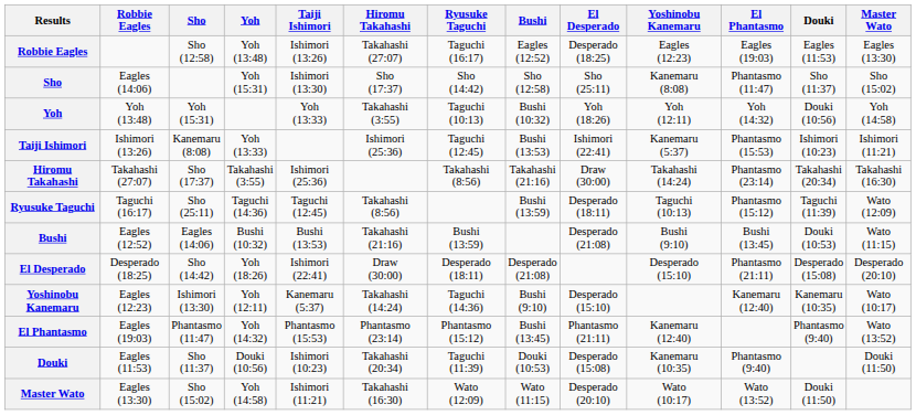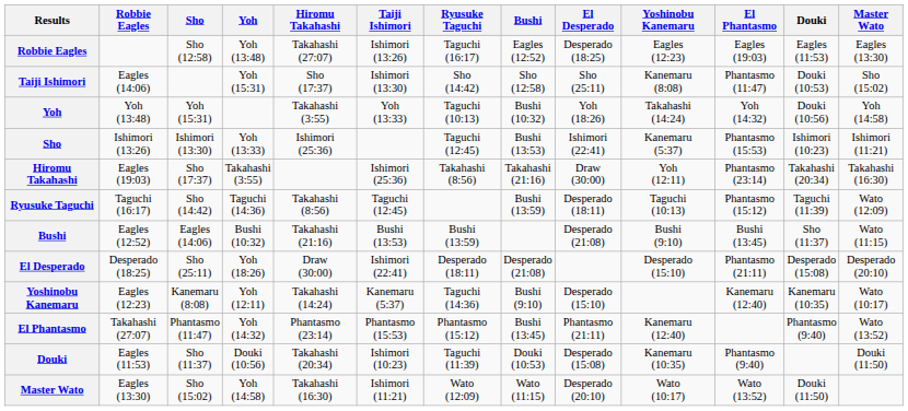 <table class="wikitable" style="text-align:center; margin: 1em auto 1em auto">
 <tr align="center">
 <th>Results</th>
 <th><a href='#'>Robbie Eagles</a></th>
 <th><a href='#'>Sho</a></th>
 <th><a href='#'>Yoh</a></th>
+<th><a href='#'>Hiromu Takahashi</a></th>
 <th><a href='#'>Taiji Ishimori</a></th>
-<th><a href='#'>Hiromu Takahashi</a></th>
 <th><a href='#'>Ryusuke Taguchi</a></th>
 <th><a href='#'>Bushi</a></th>
 <th><a href='#'>El Desperado</a></th>
 <th><a href='#'>Yoshinobu Kanemaru</a></th>
 <th><a href='#'>El Phantasmo</a></th>
 <th>Douki</th>
 <th><a href='#'>Master Wato</a></th>
 </tr>
 <tr>
 <th><a href='#'>Robbie Eagles</a></th>
 <td></td>
 <td>Sho<br>(12:58)</td>
 <td>Yoh<br>(13:48)</td>
+<td>Takahashi<br>(27:07)</td>
 <td>Ishimori<br>(13:26)</td>
-<td>Takahashi<br>(27:07)</td>
 <td>Taguchi<br>(16:17)</td>
 <td>Eagles<br>(12:52)</td>
 <td>Desperado<br>(18:25)</td>
 <td>Eagles<br>(12:23)</td>
 <td>Eagles<br>(19:03)</td>
 <td>Eagles<br>(11:53)</td>
 <td>Eagles<br>(13:30)</td>
 </tr>
 <tr>
-<th><a href='#'>Sho</a></th>
+<th><a href='#'>Taiji Ishimori</a></th>
 <td>Eagles<br>(14:06)</td>
 <td></td>
 <td>Yoh<br>(15:31)</td>
+<td>Sho<br>(17:37)</td>
 <td>Ishimori<br>(13:30)</td>
-<td>Sho<br>(17:37)</td>
 <td>Sho<br>(14:42)</td>
 <td>Sho<br>(12:58)</td>
 <td>Sho<br>(25:11)</td>
 <td>Kanemaru<br>(8:08)</td>
 <td>Phantasmo<br>(11:47)</td>
-<td>Sho<br>(11:37)</td>
+<td>Douki<br>(10:53)</td>
 <td>Sho<br>(15:02)</td>
 </tr>
 <tr>
 <th><a href='#'>Yoh</a></th>
 <td>Yoh<br>(13:48)</td>
 <td>Yoh<br>(15:31)</td>
 <td></td>
+<td>Takahashi<br>(3:55)</td>
 <td>Yoh<br>(13:33)</td>
-<td>Takahashi<br>(3:55)</td>
 <td>Taguchi<br>(10:13)</td>
 <td>Bushi<br>(10:32)</td>
 <td>Yoh<br>(18:26)</td>
-<td>Yoh<br>(12:11)</td>
+<td>Takahashi<br>(14:24)</td>
 <td>Yoh<br>(14:32)</td>
 <td>Douki<br>(10:56)</td>
 <td>Yoh<br>(14:58)</td>
 </tr>
 <tr>
-<th><a href='#'>Taiji Ishimori</a></th>
+<th><a href='#'>Sho</a></th>
 <td>Ishimori<br>(13:26)</td>
-<td>Kanemaru<br>(8:08)</td>
+<td>Ishimori<br>(13:30)</td>
 <td>Yoh<br>(13:33)</td>
+<td>Ishimori<br>(25:36)</td>
 <td></td>
-<td>Ishimori<br>(25:36)</td>
 <td>Taguchi<br>(12:45)</td>
 <td>Bushi<br>(13:53)</td>
 <td>Ishimori<br>(22:41)</td>
 <td>Kanemaru<br>(5:37)</td>
 <td>Phantasmo<br>(15:53)</td>
 <td>Ishimori<br>(10:23)</td>
 <td>Ishimori<br>(11:21)</td>
 </tr>
 <tr>
 <th><a href='#'>Hiromu Takahashi</a></th>
-<td>Takahashi<br>(27:07)</td>
+<td>Eagles<br>(19:03)</td>
 <td>Sho<br>(17:37)</td>
 <td>Takahashi<br>(3:55)</td>
+<td></td>
 <td>Ishimori<br>(25:36)</td>
-<td></td>
 <td>Takahashi<br>(8:56)</td>
 <td>Takahashi<br>(21:16)</td>
 <td>Draw<br>(30:00)</td>
-<td>Takahashi<br>(14:24)</td>
+<td>Yoh<br>(12:11)</td>
 <td>Phantasmo<br>(23:14)</td>
 <td>Takahashi<br>(20:34)</td>
 <td>Takahashi<br>(16:30)</td>
 </tr>
 <tr>
 <th><a href='#'>Ryusuke Taguchi</a></th>
 <td>Taguchi<br>(16:17)</td>
-<td>Sho<br>(25:11)</td>
+<td>Sho<br>(14:42)</td>
 <td>Taguchi<br>(14:36)</td>
+<td>Takahashi<br>(8:56)</td>
 <td>Taguchi<br>(12:45)</td>
-<td>Takahashi<br>(8:56)</td>
 <td></td>
 <td>Bushi<br>(13:59)</td>
 <td>Desperado<br>(18:11)</td>
 <td>Taguchi<br>(10:13)</td>
 <td>Phantasmo<br>(15:12)</td>
 <td>Taguchi<br>(11:39)</td>
 <td>Wato<br>(12:09)</td>
 </tr>
 <tr>
 <th><a href='#'>Bushi</a></th>
 <td>Eagles<br>(12:52)</td>
 <td>Eagles<br>(14:06)</td>
 <td>Bushi<br>(10:32)</td>
+<td>Takahashi<br>(21:16)</td>
 <td>Bushi<br>(13:53)</td>
-<td>Takahashi<br>(21:16)</td>
 <td>Bushi<br>(13:59)</td>
 <td></td>
 <td>Desperado<br>(21:08)</td>
 <td>Bushi<br>(9:10)</td>
 <td>Bushi<br>(13:45)</td>
-<td>Douki<br>(10:53)</td>
+<td>Sho<br>(11:37)</td>
 <td>Wato<br>(11:15)</td>
 </tr>
 <tr>
 <th><a href='#'>El Desperado</a></th>
 <td>Desperado<br>(18:25)</td>
-<td>Sho<br>(14:42)</td>
+<td>Sho<br>(25:11)</td>
 <td>Yoh<br>(18:26)</td>
+<td>Draw<br>(30:00)</td>
 <td>Ishimori<br>(22:41)</td>
-<td>Draw<br>(30:00)</td>
 <td>Desperado<br>(18:11)</td>
 <td>Desperado<br>(21:08)</td>
 <td></td>
 <td>Desperado<br>(15:10)</td>
 <td>Phantasmo<br>(21:11)</td>
 <td>Desperado<br>(15:08)</td>
 <td>Desperado<br>(20:10)</td>
 </tr>
 <tr>
 <th><a href='#'>Yoshinobu Kanemaru</a></th>
 <td>Eagles<br>(12:23)</td>
-<td>Ishimori<br>(13:30)</td>
+<td>Kanemaru<br>(8:08)</td>
 <td>Yoh<br>(12:11)</td>
+<td>Takahashi<br>(14:24)</td>
 <td>Kanemaru<br>(5:37)</td>
-<td>Takahashi<br>(14:24)</td>
 <td>Taguchi<br>(14:36)</td>
 <td>Bushi<br>(9:10)</td>
 <td>Desperado<br>(15:10)</td>
 <td></td>
 <td>Kanemaru<br>(12:40)</td>
 <td>Kanemaru<br>(10:35)</td>
 <td>Wato<br>(10:17)</td>
 </tr>
 <tr>
 <th><a href='#'>El Phantasmo</a></th>
-<td>Eagles<br>(19:03)</td>
+<td>Takahashi<br>(27:07)</td>
 <td>Phantasmo<br>(11:47)</td>
 <td>Yoh<br>(14:32)</td>
+<td>Phantasmo<br>(23:14)</td>
 <td>Phantasmo<br>(15:53)</td>
-<td>Phantasmo<br>(23:14)</td>
 <td>Phantasmo<br>(15:12)</td>
 <td>Bushi<br>(13:45)</td>
 <td>Phantasmo<br>(21:11)</td>
 <td>Kanemaru<br>(12:40)</td>
 <td></td>
 <td>Phantasmo<br>(9:40)</td>
 <td>Wato<br>(13:52)</td>
 </tr>
 <tr>
 <th><a href='#'>Douki</a></th>
 <td>Eagles<br>(11:53)</td>
 <td>Sho<br>(11:37)</td>
 <td>Douki<br>(10:56)</td>
+<td>Takahashi<br>(20:34)</td>
 <td>Ishimori<br>(10:23)</td>
-<td>Takahashi<br>(20:34)</td>
 <td>Taguchi<br>(11:39)</td>
 <td>Douki<br>(10:53)</td>
 <td>Desperado<br>(15:08)</td>
 <td>Kanemaru<br>(10:35)</td>
 <td>Phantasmo<br>(9:40)</td>
 <td></td>
 <td>Douki<br>(11:50)</td>
 </tr>
 <tr>
 <th><a href='#'>Master Wato</a></th>
 <td>Eagles<br>(13:30)</td>
 <td>Sho<br>(15:02)</td>
 <td>Yoh<br>(14:58)</td>
+<td>Takahashi<br>(16:30)</td>
 <td>Ishimori<br>(11:21)</td>
-<td>Takahashi<br>(16:30)</td>
 <td>Wato<br>(12:09)</td>
 <td>Wato<br>(11:15)</td>
 <td>Desperado<br>(20:10)</td>
 <td>Wato<br>(10:17)</td>
 <td>Wato<br>(13:52)</td>
 <td>Douki<br>(11:50)</td>
 <td></td>
 </tr>
 </table>
